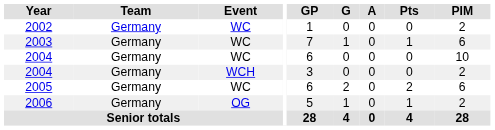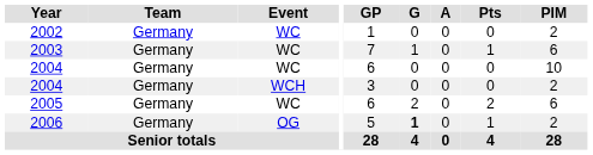 <table border="0" cellpadding="1" cellspacing="0" ID="Table3" style="text-align:center; width:40em">
 <tr ALIGN="center" bgcolor="#e0e0e0">
 <th>Year</th>
 <th>Team</th>
 <th>Event</th>
 <th rowspan="99" bgcolor="#ffffff"></th>
 <th>GP</th>
 <th>G</th>
 <th>A</th>
 <th>Pts</th>
 <th>PIM</th>
 </tr>
 <tr>
 <td><a href='#'>2002</a></td>
 <td><a href='#'>Germany</a></td>
 <td><a href='#'>WC</a></td>
 <td>1</td>
 <td>0</td>
 <td>0</td>
 <td>0</td>
 <td>2</td>
 </tr>
 <tr bgcolor="#f0f0f0">
 <td><a href='#'>2003</a></td>
 <td>Germany</td>
 <td>WC</td>
 <td>7</td>
 <td>1</td>
 <td>0</td>
 <td>1</td>
 <td>6</td>
 </tr>
 <tr>
 <td><a href='#'>2004</a></td>
 <td>Germany</td>
 <td>WC</td>
 <td>6</td>
 <td>0</td>
 <td>0</td>
 <td>0</td>
 <td>10</td>
 </tr>
 <tr bgcolor="#f0f0f0">
 <td><a href='#'>2004</a></td>
 <td>Germany</td>
 <td><a href='#'>WCH</a></td>
 <td>3</td>
 <td>0</td>
 <td>0</td>
 <td>0</td>
 <td>2</td>
 </tr>
 <tr>
 <td><a href='#'>2005</a></td>
 <td>Germany</td>
 <td>WC</td>
 <td>6</td>
 <td>2</td>
 <td>0</td>
 <td>2</td>
 <td>6</td>
 </tr>
 <tr bgcolor="#f0f0f0">
 <td><a href='#'>2006</a></td>
 <td>Germany</td>
 <td><a href='#'>OG</a></td>
 <td>5</td>
-<td>1</td>
+<td><strong>1</strong></td>
 <td>0</td>
 <td>1</td>
 <td>2</td>
 </tr>
 <tr bgcolor="#e0e0e0">
 <th colspan="3">Senior totals</th>
 <th>28</th>
 <th>4</th>
 <th>0</th>
 <th>4</th>
 <th>28</th>
 </tr>
 </table>
